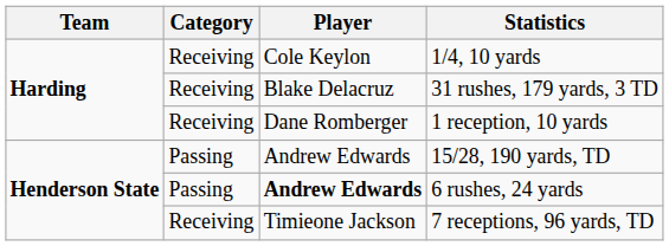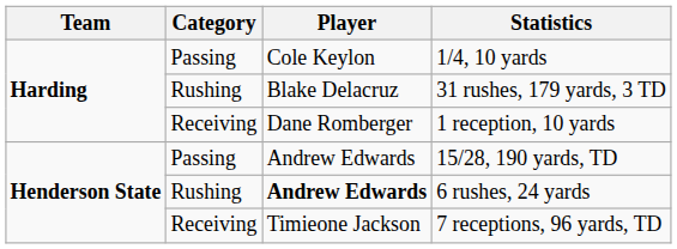 <table class="wikitable" style="float: right;">
 <tr>
 <th>Team</th>
 <th>Category</th>
 <th>Player</th>
 <th>Statistics</th>
 </tr>
 <tr>
 <td rowspan=3><strong>Harding</strong></td>
-<td>Receiving</td>
+<td>Passing</td>
 <td>Cole Keylon</td>
 <td>1/4, 10 yards</td>
 </tr>
 <tr>
-<td>Receiving</td>
+<td>Rushing</td>
 <td>Blake Delacruz</td>
 <td>31 rushes, 179 yards, 3 TD</td>
 </tr>
 <tr>
 <td>Receiving</td>
 <td>Dane Romberger</td>
 <td>1 reception, 10 yards</td>
 </tr>
 <tr>
 <td rowspan=3><strong>Henderson State</strong></td>
 <td>Passing</td>
 <td>Andrew Edwards</td>
 <td>15/28, 190 yards, TD</td>
 </tr>
 <tr>
-<td>Passing</td>
+<td>Rushing</td>
 <td><strong>Andrew Edwards</strong></td>
 <td>6 rushes, 24 yards</td>
 </tr>
 <tr>
 <td>Receiving</td>
 <td>Timieone Jackson</td>
 <td>7 receptions, 96 yards, TD</td>
 </tr>
 </table>
